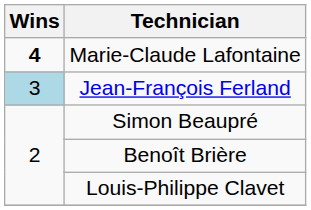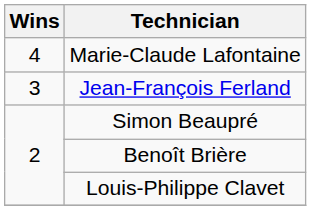 <table class="wikitable" style="text-align:center;">
 <tr>
 <th scope="col" width="10">Wins</th>
 <th scope="col" align="center">Technician</th>
 </tr>
 <tr>
-<td rowspan="1" style="text-align:center;"><strong>4</strong></td>
+<td rowspan="1" style="text-align:center;">4</td>
 <td>Marie-Claude Lafontaine</td>
 </tr>
 <tr>
-<td rowspan="1" style="background: lightblue; text-align:center;">3</td>
+<td rowspan="1" style="text-align:center;">3</td>
 <td><a href='#'>Jean-François Ferland</a></td>
 </tr>
 <tr>
 <td rowspan="3" style="text-align:center;">2</td>
 <td>Simon Beaupré</td>
 </tr>
 <tr>
 <td>Benoît Brière</td>
 </tr>
 <tr>
 <td>Louis-Philippe Clavet</td>
 </tr>
 <tr>
 </tr>
 </table>
